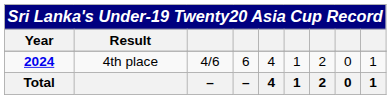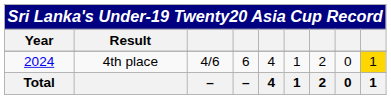 <table class="wikitable" style="text-align:center">
 <tr>
 <th style="color:white; background:#000080;" colspan=9><strong><big><em>Sri Lanka's  Under-19 Twenty20 Asia Cup Record</em></big></strong></th>
 </tr>
 <tr>
 <th>Year</th>
 <th>Result</th>
 <th></th>
 <th></th>
 <th></th>
 <th></th>
 <th></th>
 <th></th>
 <th></th>
 </tr>
 <tr bgcolor=pink>
 </tr>
 <tr>
-<td><strong> <a href='#'>2024</a></strong></td>
+<td> <a href='#'>2024</a></td>
 <td>4th place</td>
 <td>4/6</td>
 <td>6</td>
 <td>4</td>
 <td>1</td>
 <td>2</td>
 <td>0</td>
-<td>1</td>
+<td style="background: gold;">1</td>
 </tr>
 <tr>
 <th>Total</th>
 <th></th>
 <th>–</th>
 <th>–</th>
 <th>4</th>
 <th>1</th>
 <th>2</th>
 <th>0</th>
 <th>1</th>
 </tr>
 </table>
